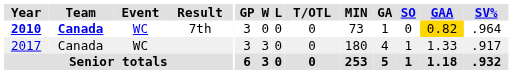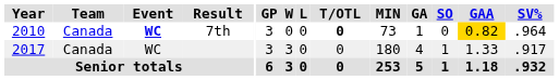 <table border="0" cellpadding="1" cellspacing="0" ID="Table3" style="text-align:center; width:40em">
 <tr bgcolor="#e0e0e0">
 <th>Year</th>
 <th>Team</th>
 <th>Event</th>
 <th>Result</th>
 <th rowspan="99" bgcolor="#ffffff"></th>
 <th>GP</th>
 <th>W</th>
 <th>L</th>
 <th>T/OTL</th>
 <th>MIN</th>
 <th>GA</th>
 <th><a href='#'>SO</a></th>
 <th><a href='#'>GAA</a></th>
 <th><a href='#'>SV%</a></th>
 </tr>
 <tr>
-<td><strong><a href='#'>2010</a></strong></td>
-<td><strong><a href='#'>Canada</a></strong></td>
-<td><a href='#'>WC</a></td>
+<td><a href='#'>2010</a></td>
+<td><a href='#'>Canada</a></td>
+<td><strong><a href='#'>WC</a></strong></td>
 <td>7th</td>
 <td>3</td>
 <td>0</td>
 <td>0</td>
-<td>0</td>
+<td><strong>0</strong></td>
 <td>73</td>
 <td>1</td>
 <td>0</td>
 <td style="background: gold;">0.82</td>
 <td>.964</td>
 </tr>
 <tr bgcolor="#f0f0f0">
 <td><a href='#'>2017</a></td>
 <td>Canada</td>
 <td>WC</td>
 <td></td>
 <td>3</td>
 <td>3</td>
 <td>0</td>
 <td>0</td>
 <td>180</td>
 <td>4</td>
 <td>1</td>
 <td>1.33</td>
 <td>.917</td>
 </tr>
 <tr bgcolor="#e0e0e0">
 <th colspan="4">Senior totals</th>
 <th>6</th>
 <th>3</th>
 <th>0</th>
 <th>0</th>
 <th>253</th>
 <th>5</th>
 <th>1</th>
 <th>1.18</th>
 <th>.932</th>
 </tr>
 </table>
